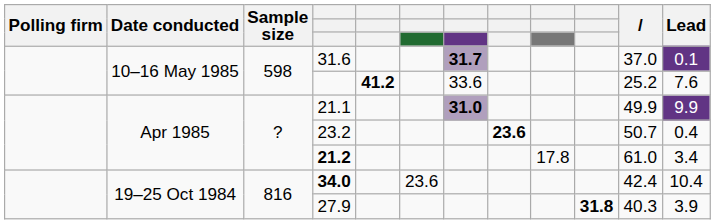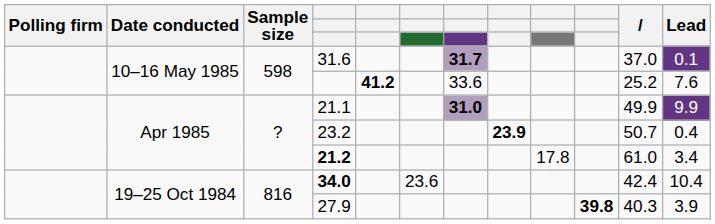 <table class="wikitable unsortable" style="text-align:center;font-size:90%;line-height:14px;">
 <tr>
 <th rowspan="3">Polling firm</th>
 <th rowspan="3">Date conducted</th>
 <th rowspan="3">Sample<br>size</th>
 <th></th>
 <th></th>
 <th></th>
 <th></th>
 <th></th>
 <th></th>
 <th></th>
 <th rowspan="3" class="unsortable" style="width:30px;">/<br></th>
 <th rowspan="3">Lead</th>
 </tr>
 <tr>
 <th class="unsortable" style="width:30px;"></th>
 <th class="unsortable" style="width:30px;"></th>
 <th class="unsortable" style="width:30px;"></th>
 <th class="unsortable" style="width:30px;"></th>
 <th class="unsortable" style="width:30px;"></th>
 <th class="unsortable" style="width:30px;"></th>
 <th class="unsortable" style="width:30px;"></th>
 </tr>
 <tr>
 <th style="background:"></th>
 <th style="background:"></th>
 <th style="background:#216B31;"></th>
 <th style="background:#613484;"></th>
 <th style="background:"></th>
 <th style="background:#777777;"></th>
 <th style="background:"></th>
 </tr>
 <tr>
 <td rowspan="2"></td>
 <td rowspan="2">10–16 May 1985</td>
 <td rowspan="2">598</td>
 <td>31.6</td>
 <td></td>
 <td></td>
 <td style="background:#b09fbd;"><strong>31.7</strong></td>
 <td></td>
 <td></td>
 <td></td>
 <td>37.0</td>
 <td style="background:#613484; color:white;">0.1</td>
 </tr>
 <tr>
 <td></td>
 <td><strong>41.2</strong></td>
 <td></td>
 <td>33.6</td>
 <td></td>
 <td></td>
 <td></td>
 <td>25.2</td>
 <td style="background:">7.6</td>
 </tr>
 <tr>
 <td rowspan="3"></td>
 <td rowspan="3">Apr 1985</td>
 <td rowspan="3">?</td>
 <td>21.1</td>
 <td></td>
 <td></td>
 <td style="background:#b09fbd;"><strong>31.0</strong></td>
 <td></td>
 <td></td>
 <td></td>
 <td>49.9</td>
 <td style="background:#613484; color:white;">9.9</td>
 </tr>
 <tr>
 <td>23.2</td>
 <td></td>
 <td></td>
 <td></td>
-<td><strong>23.6</strong></td>
+<td><strong>23.9</strong></td>
 <td></td>
 <td></td>
 <td>50.7</td>
 <td style="background:">0.4</td>
 </tr>
 <tr>
 <td><strong>21.2</strong></td>
 <td></td>
 <td></td>
 <td></td>
 <td></td>
 <td>17.8</td>
 <td></td>
 <td>61.0</td>
 <td style="background:">3.4</td>
 </tr>
 <tr>
 <td rowspan="2"></td>
 <td rowspan="2">19–25 Oct 1984</td>
 <td rowspan="2">816</td>
 <td><strong>34.0</strong></td>
 <td></td>
 <td>23.6</td>
 <td></td>
 <td></td>
 <td></td>
 <td></td>
 <td>42.4</td>
 <td style="background:">10.4</td>
 </tr>
 <tr>
 <td>27.9</td>
 <td></td>
 <td></td>
 <td></td>
 <td></td>
 <td></td>
-<td><strong>31.8</strong></td>
+<td><strong>39.8</strong></td>
 <td>40.3</td>
 <td style="background:">3.9</td>
 </tr>
 </table>
